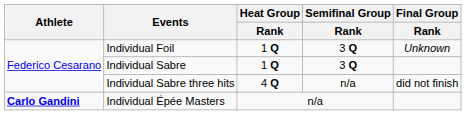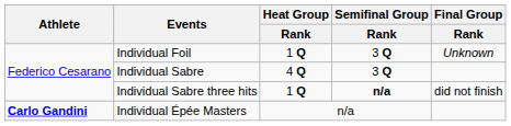 <table class=wikitable style="font-size:90%">
 <tr>
 <th rowspan="2">Athlete</th>
 <th rowspan="2">Events</th>
 <th>Heat Group</th>
 <th>Semifinal Group</th>
 <th>Final Group</th>
 </tr>
 <tr>
 <th>Rank</th>
 <th>Rank</th>
 <th>Rank</th>
 </tr>
 <tr>
 <td rowspan=3><a href='#'>Federico Cesarano</a></td>
 <td>Individual Foil</td>
 <td align="center">1 <strong>Q</strong></td>
 <td align="center">3 <strong>Q</strong></td>
 <td align="center"><em>Unknown</em></td>
 </tr>
 <tr>
 <td>Individual Sabre</td>
-<td align="center">1 <strong>Q</strong></td>
+<td align="center">4 <strong>Q</strong></td>
 <td align="center">3 <strong>Q</strong></td>
 <td align="center"></td>
 </tr>
 <tr>
 <td>Individual Sabre three hits</td>
-<td align="center">4 <strong>Q</strong></td>
-<td align="center">n/a</td>
+<td align="center">1 <strong>Q</strong></td>
+<td align="center"><strong>n/a</strong></td>
 <td align="center">did not finish</td>
 </tr>
 <tr>
 <td><strong><a href='#'>Carlo Gandini</a></strong></td>
 <td>Individual Épée Masters</td>
 <td align="center" colspan=2>n/a</td>
 <td align="center"></td>
 </tr>
 </table>
